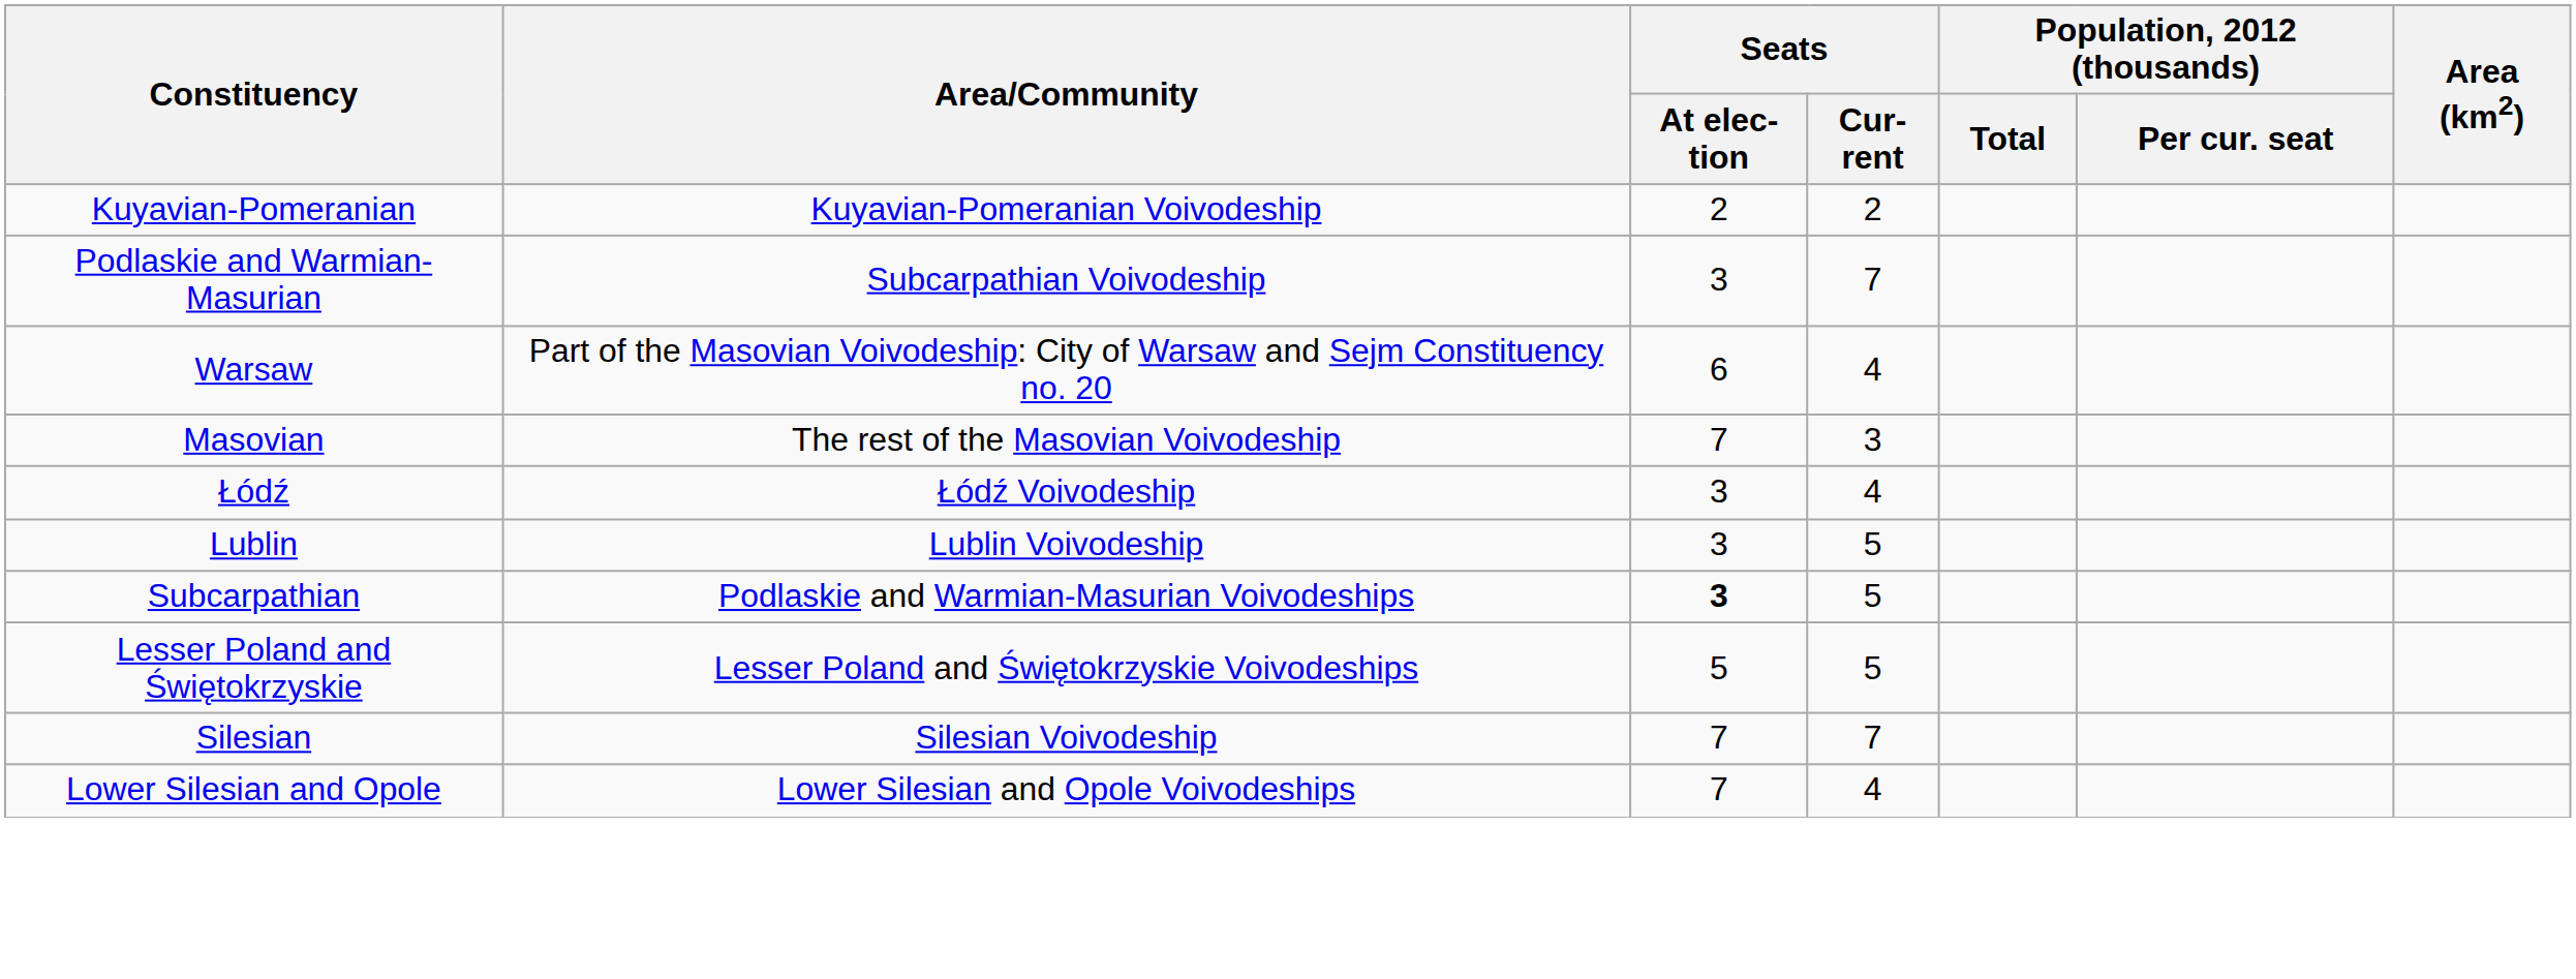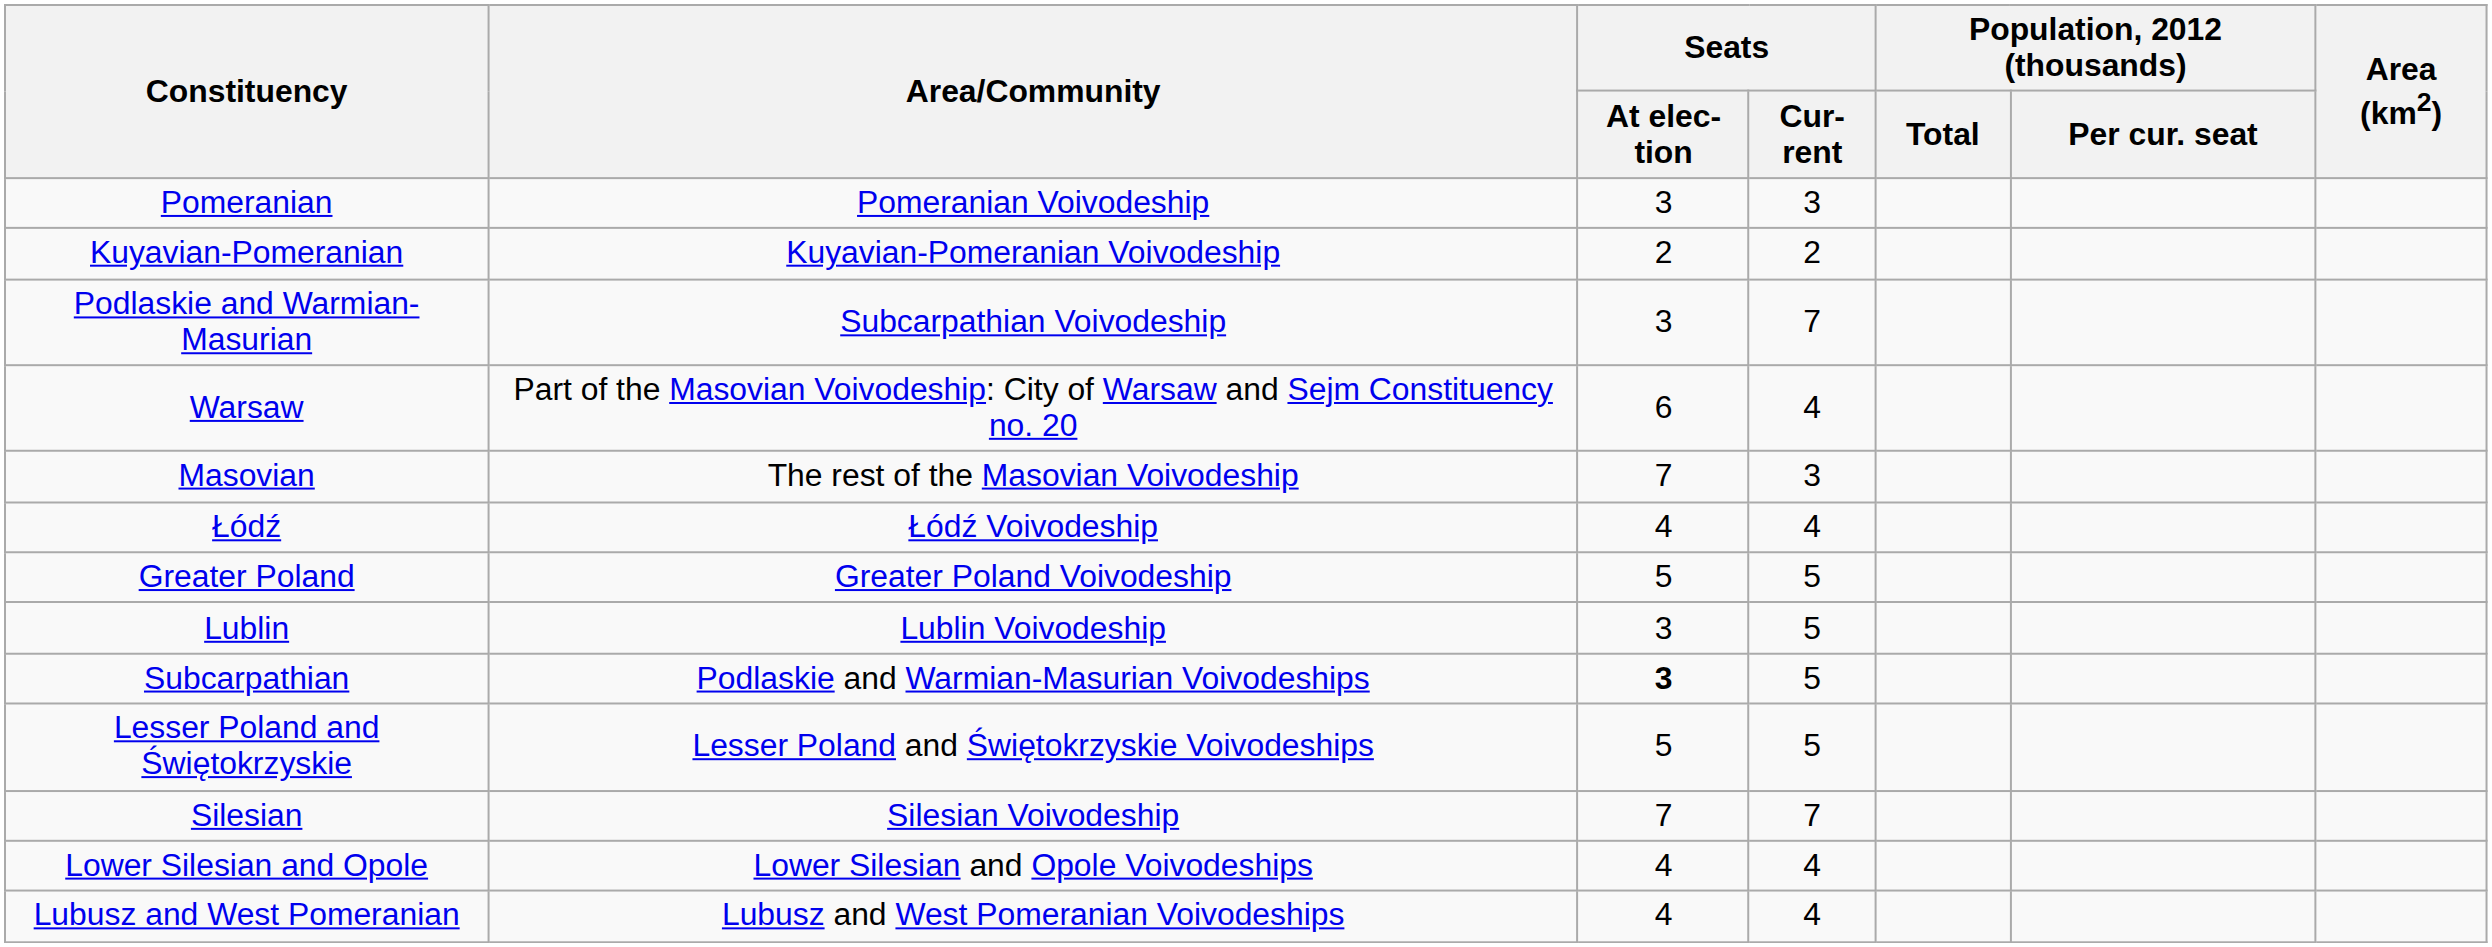 <table class="wikitable sortable" style="text-align:center; clear:both">
 <tr>
 <th scope="col" rowspan="2">Constituency</th>
 <th scope="col" rowspan="2">Area/Community</th>
 <th scope="col" colspan="2">Seats</th>
 <th scope="col" colspan="2">Population, 2012 (thousands)</th>
 <th scope="col" rowspan="2">Area (km<sup>2</sup>)</th>
 </tr>
 <tr>
 <th scope="col" data-sort-type="number">At elec­tion</th>
 <th scope="col" data-sort-type="number">Cur­rent</th>
 <th scope="col" data-sort-type="number">Total</th>
 <th scope="col" data-sort-type="number">Per cur. seat</th>
+</tr>
+<tr>
+<td><a href='#'>Pomeranian</a></td>
+<td><a href='#'>Pomeranian Voivodeship</a></td>
+<td>3</td>
+<td>3</td>
+<td></td>
+<td></td>
+<td></td>
 </tr>
 <tr>
 <td><a href='#'>Kuyavian-Pomeranian</a></td>
 <td><a href='#'>Kuyavian-Pomeranian Voivodeship</a></td>
 <td>2</td>
 <td>2</td>
 <td></td>
 <td></td>
 <td></td>
 </tr>
 <tr>
 <td><a href='#'>Podlaskie and Warmian-Masurian</a></td>
 <td><a href='#'>Subcarpathian Voivodeship</a></td>
 <td>3</td>
 <td>7</td>
 <td></td>
 <td></td>
 <td></td>
 </tr>
 <tr>
 <td><a href='#'>Warsaw</a></td>
 <td>Part of the <a href='#'>Masovian Voivodeship</a>: City of <a href='#'>Warsaw</a> and <a href='#'>Sejm Constituency no. 20</a></td>
 <td>6</td>
 <td>4</td>
 <td></td>
 <td></td>
 <td></td>
 </tr>
 <tr>
 <td><a href='#'>Masovian</a></td>
 <td>The rest of the <a href='#'>Masovian Voivodeship</a></td>
 <td>7</td>
 <td>3</td>
 <td></td>
 <td></td>
 <td></td>
 </tr>
 <tr>
 <td><a href='#'>Łódź</a></td>
 <td><a href='#'>Łódź Voivodeship</a></td>
-<td>3</td>
 <td>4</td>
+<td>4</td>
+<td></td>
+<td></td>
+<td></td>
+</tr>
+<tr>
+<td><a href='#'>Greater Poland</a></td>
+<td><a href='#'>Greater Poland Voivodeship</a></td>
+<td>5</td>
+<td>5</td>
 <td></td>
 <td></td>
 <td></td>
 </tr>
 <tr>
 <td><a href='#'>Lublin</a></td>
 <td><a href='#'>Lublin Voivodeship</a></td>
 <td>3</td>
 <td>5</td>
 <td></td>
 <td></td>
 <td></td>
 </tr>
 <tr>
 <td><a href='#'>Subcarpathian</a></td>
 <td><a href='#'>Podlaskie</a> and <a href='#'>Warmian-Masurian Voivodeships</a></td>
 <td><strong>3</strong></td>
 <td>5</td>
 <td></td>
 <td></td>
 <td></td>
 </tr>
 <tr>
 <td><a href='#'>Lesser Poland and Świętokrzyskie</a></td>
 <td><a href='#'>Lesser Poland</a> and <a href='#'>Świętokrzyskie Voivodeships</a></td>
 <td>5</td>
 <td>5</td>
 <td></td>
 <td></td>
 <td></td>
 </tr>
 <tr>
 <td><a href='#'>Silesian</a></td>
 <td><a href='#'>Silesian Voivodeship</a></td>
 <td>7</td>
 <td>7</td>
 <td></td>
 <td></td>
 <td></td>
 </tr>
 <tr>
 <td><a href='#'>Lower Silesian and Opole</a></td>
 <td><a href='#'>Lower Silesian</a> and <a href='#'>Opole Voivodeships</a></td>
-<td>7</td>
+<td>4</td>
+<td>4</td>
+<td></td>
+<td></td>
+<td></td>
+</tr>
+<tr>
+<td><a href='#'>Lubusz and West Pomeranian</a></td>
+<td><a href='#'>Lubusz</a> and <a href='#'>West Pomeranian Voivodeships</a></td>
+<td>4</td>
 <td>4</td>
 <td></td>
 <td></td>
 <td></td>
 </tr>
 </table>
